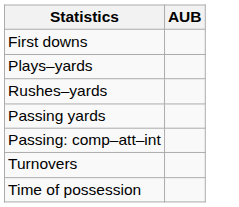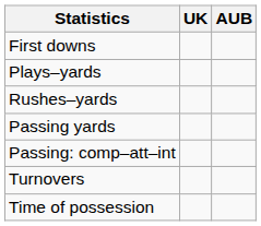 <table class="wikitable" style="float:left">
 <tr>
 <th>Statistics</th>
+<th>UK</th>
 <th>AUB</th>
 </tr>
 <tr>
 <td>First downs</td>
 <td></td>
+<td></td>
 </tr>
 <tr>
 <td>Plays–yards</td>
+<td></td>
 <td></td>
 </tr>
 <tr>
 <td>Rushes–yards</td>
 <td></td>
+<td></td>
 </tr>
 <tr>
 <td>Passing yards</td>
+<td></td>
 <td></td>
 </tr>
 <tr>
 <td>Passing: comp–att–int</td>
 <td></td>
+<td></td>
 </tr>
 <tr>
 <td>Turnovers</td>
+<td></td>
 <td></td>
 </tr>
 <tr>
 <td>Time of possession</td>
 <td></td>
+<td></td>
 </tr>
 </table>
